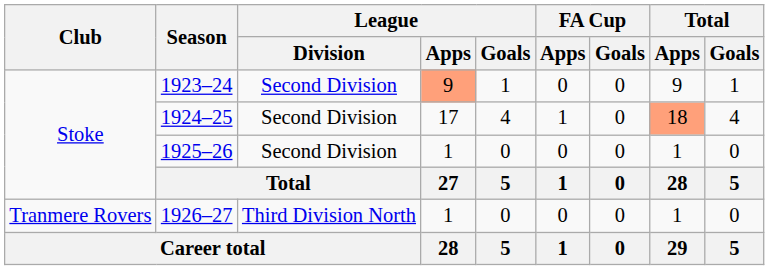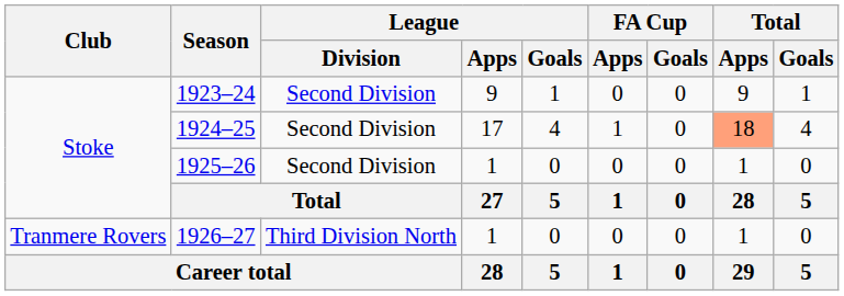 <table class="wikitable" style="text-align: center;">
 <tr>
 <th rowspan="2">Club</th>
 <th rowspan="2">Season</th>
 <th colspan="3">League</th>
 <th colspan="2">FA Cup</th>
 <th colspan="2">Total</th>
 </tr>
 <tr>
 <th>Division</th>
 <th>Apps</th>
 <th>Goals</th>
 <th>Apps</th>
 <th>Goals</th>
 <th>Apps</th>
 <th>Goals</th>
 </tr>
 <tr>
 <td rowspan="4"><a href='#'>Stoke</a></td>
 <td><a href='#'>1923–24</a></td>
 <td><a href='#'>Second Division</a></td>
-<td style="background: lightsalmon;">9</td>
+<td>9</td>
 <td>1</td>
 <td>0</td>
 <td>0</td>
 <td>9</td>
 <td>1</td>
 </tr>
 <tr>
 <td><a href='#'>1924–25</a></td>
 <td>Second Division</td>
 <td>17</td>
 <td>4</td>
 <td>1</td>
 <td>0</td>
 <td style="background: lightsalmon;">18</td>
 <td>4</td>
 </tr>
 <tr>
 <td><a href='#'>1925–26</a></td>
 <td>Second Division</td>
 <td>1</td>
 <td>0</td>
 <td>0</td>
 <td>0</td>
 <td>1</td>
 <td>0</td>
 </tr>
 <tr>
 <th colspan=2>Total</th>
 <th>27</th>
 <th>5</th>
 <th>1</th>
 <th>0</th>
 <th>28</th>
 <th>5</th>
 </tr>
 <tr>
 <td><a href='#'>Tranmere Rovers</a></td>
 <td><a href='#'>1926–27</a></td>
 <td><a href='#'>Third Division North</a></td>
 <td>1</td>
 <td>0</td>
 <td>0</td>
 <td>0</td>
 <td>1</td>
 <td>0</td>
 </tr>
 <tr>
 <th colspan=3>Career total</th>
 <th>28</th>
 <th>5</th>
 <th>1</th>
 <th>0</th>
 <th>29</th>
 <th>5</th>
 </tr>
 </table>
